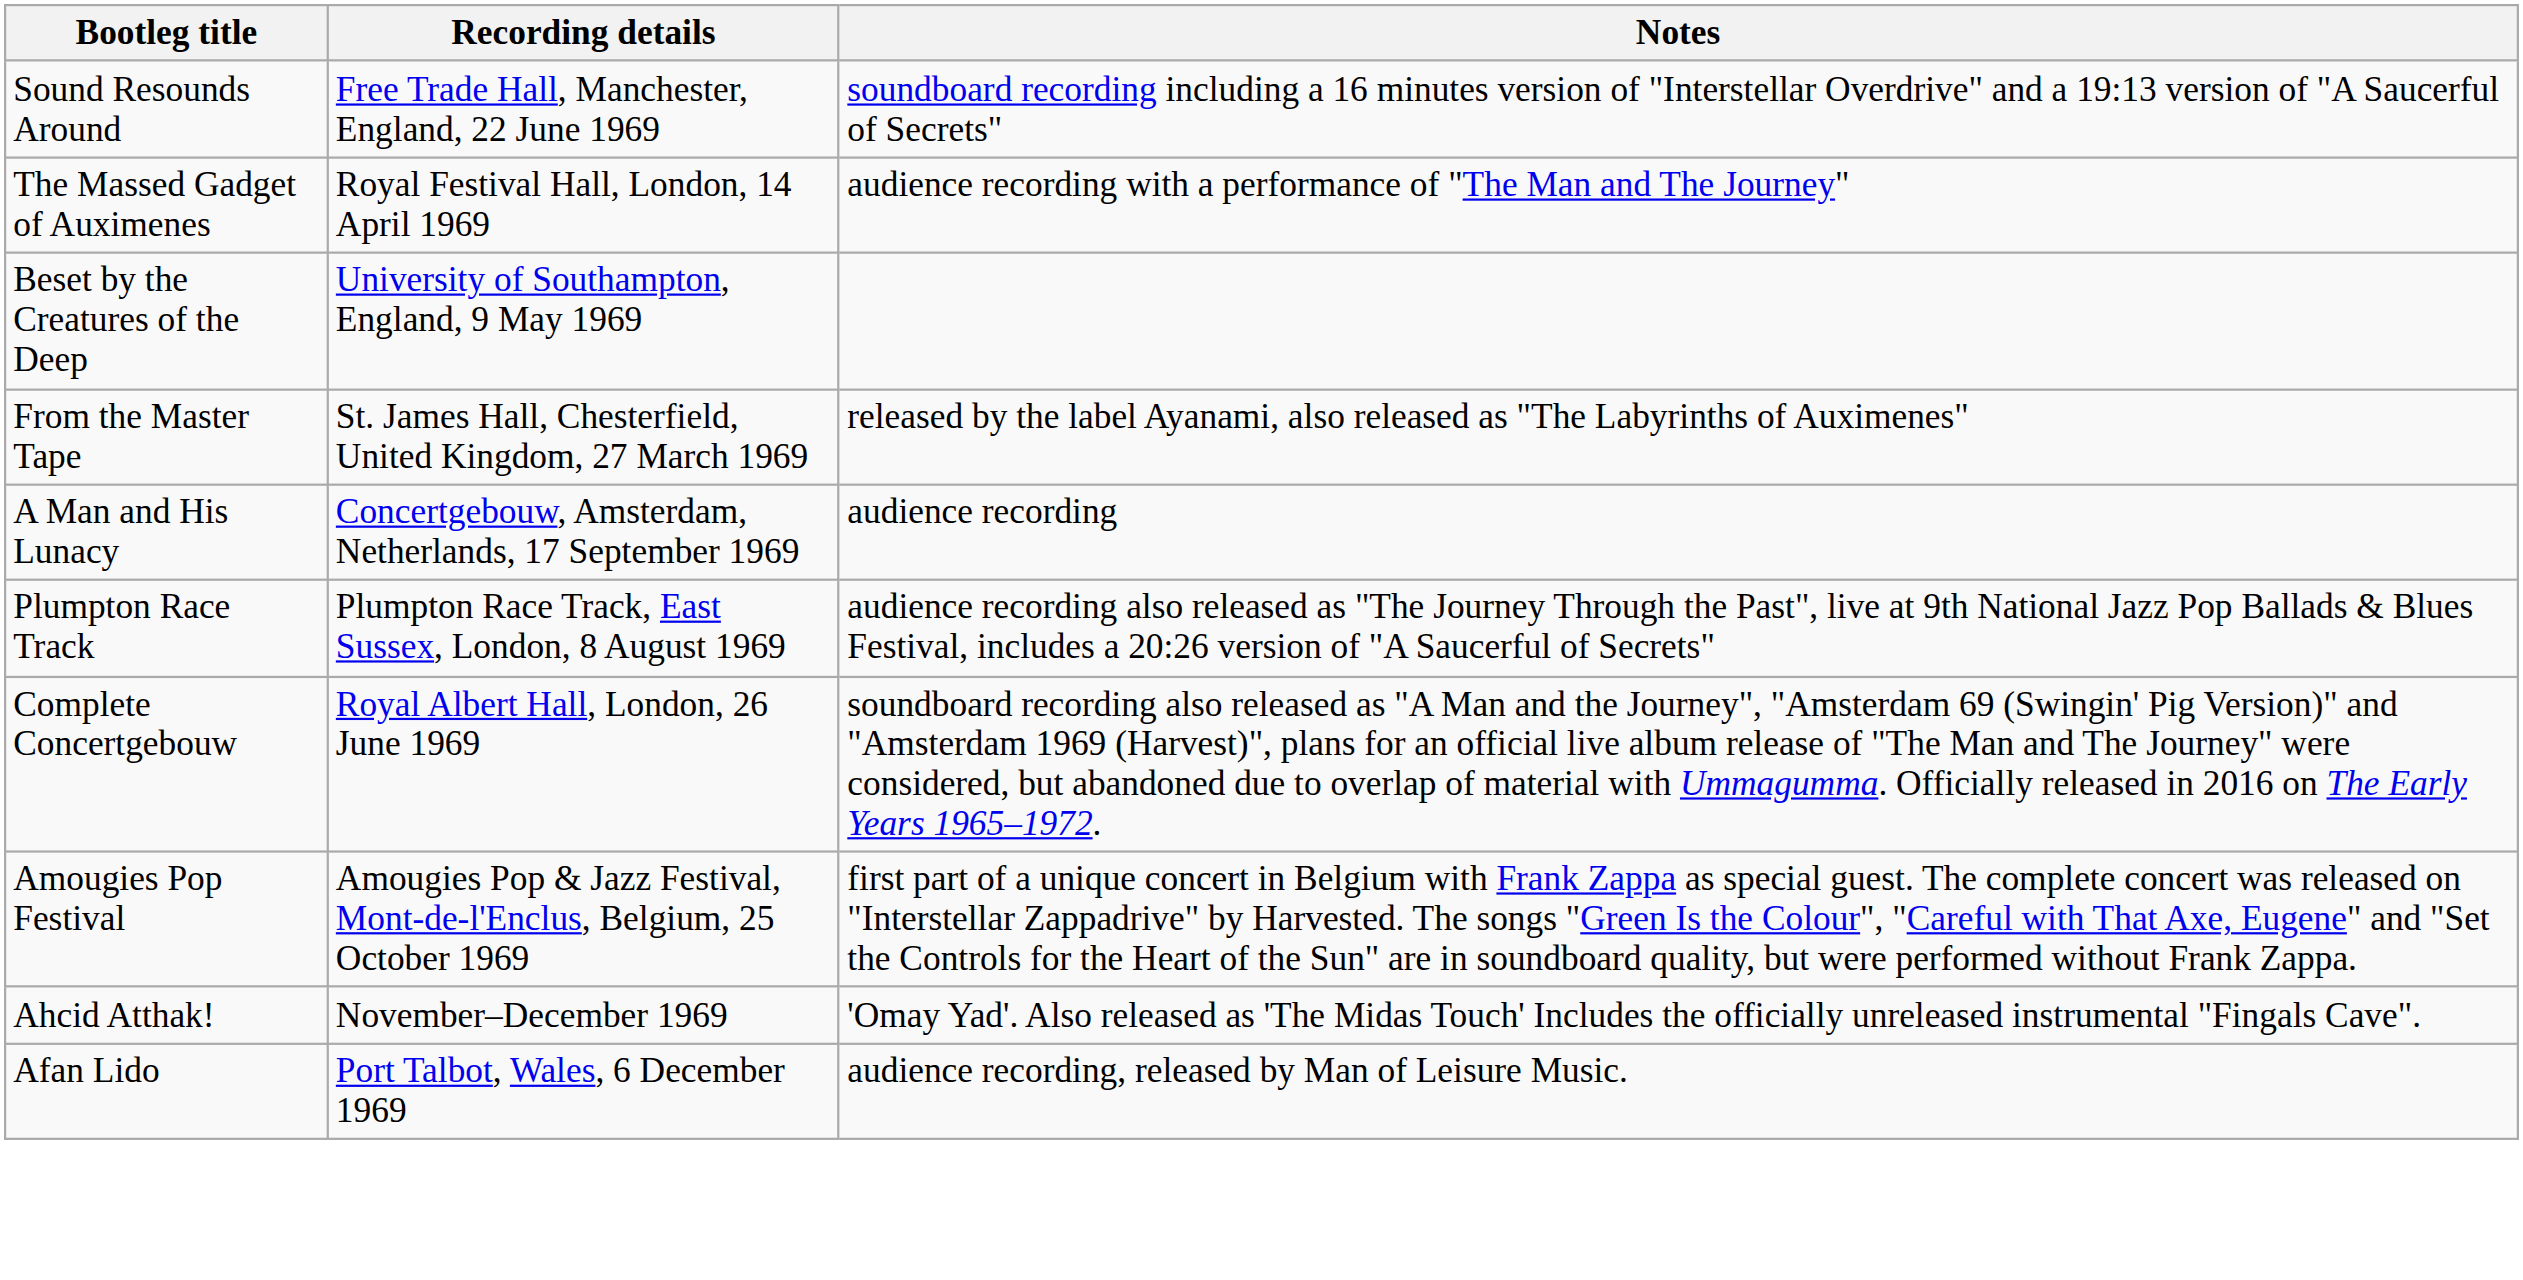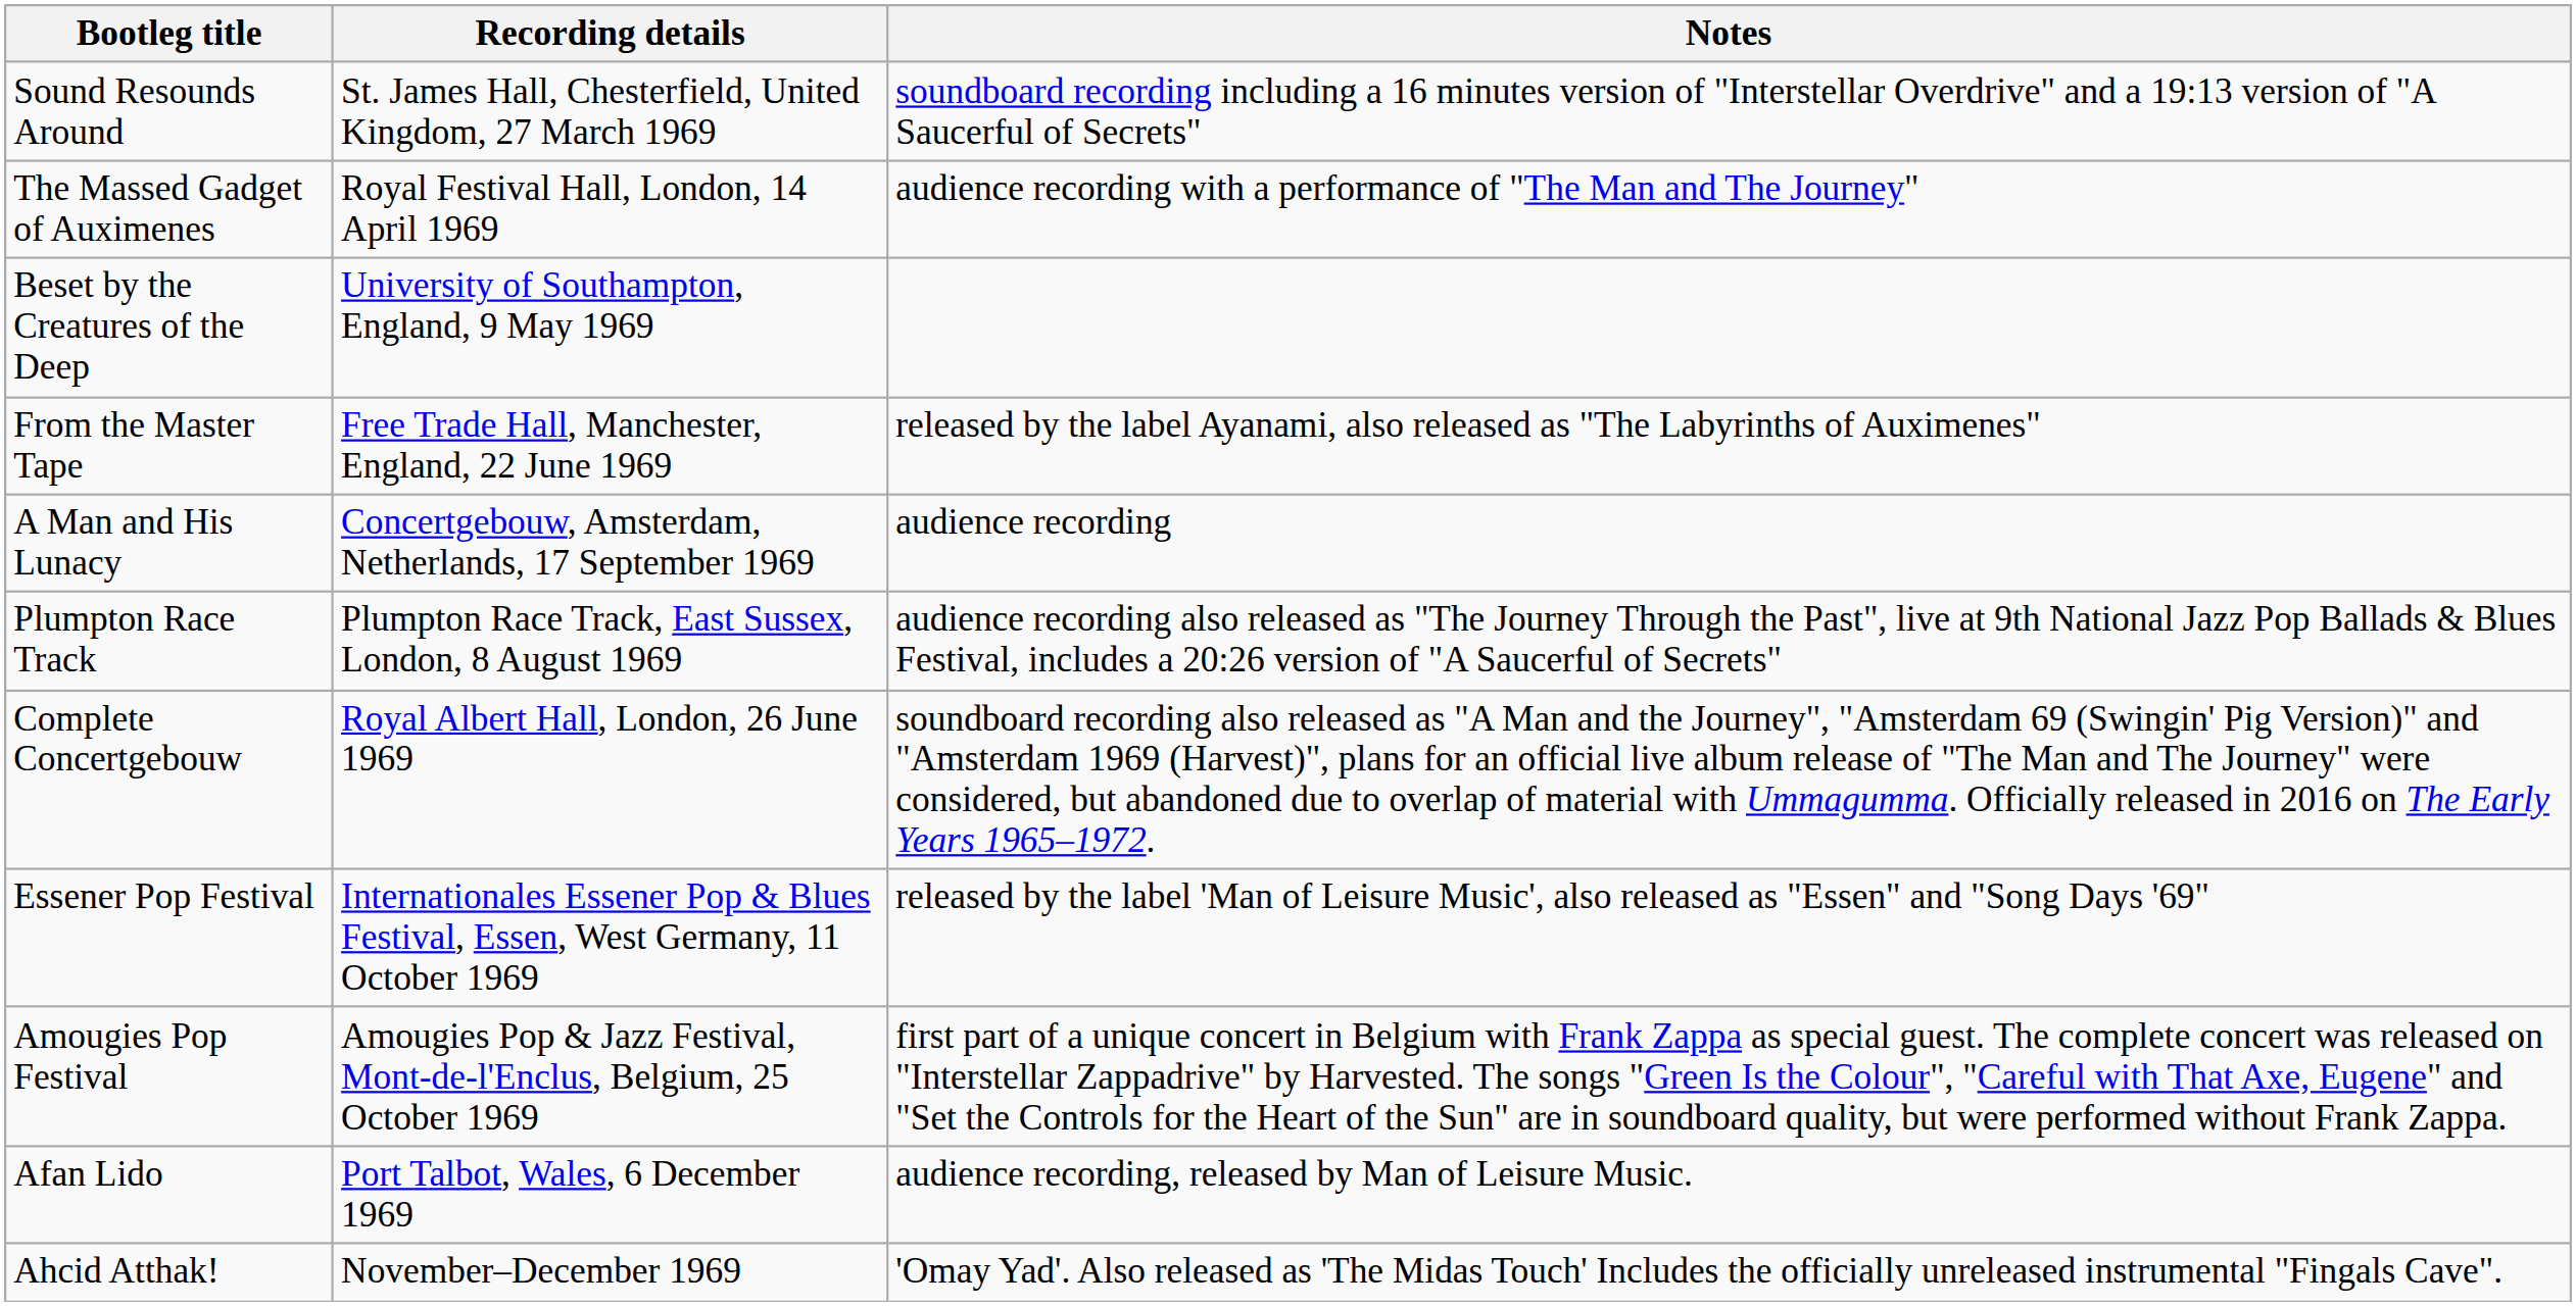 <table class="wikitable" style="width:90%; padding:5px; align:center;">
 <tr>
 <th>Bootleg title</th>
 <th>Recording details</th>
 <th>Notes</th>
 </tr>
 <tr>
 <td valign="top">Sound Resounds Around</td>
-<td valign="top"><a href='#'>Free Trade Hall</a>, Manchester, England, 22 June 1969</td>
+<td valign="top">St. James Hall, Chesterfield, United Kingdom, 27 March 1969</td>
 <td valign="top"><a href='#'>soundboard recording</a> including a 16 minutes version of "Interstellar Overdrive" and a 19:13 version of "A Saucerful of Secrets"</td>
 </tr>
 <tr>
 <td valign="top">The Massed Gadget of Auximenes</td>
 <td valign="top">Royal Festival Hall, London, 14 April 1969</td>
 <td valign="top">audience recording with a performance of "<a href='#'>The Man and The Journey</a>"</td>
 </tr>
 <tr>
 <td valign="top">Beset by the Creatures of the Deep</td>
 <td valign="top"><a href='#'>University of Southampton</a>, England, 9 May 1969</td>
 <td valign="top"></td>
 </tr>
 <tr>
 <td valign="top">From the Master Tape</td>
-<td valign="top">St. James Hall, Chesterfield, United Kingdom, 27 March 1969</td>
+<td valign="top"><a href='#'>Free Trade Hall</a>, Manchester, England, 22 June 1969</td>
 <td valign="top">released by the label Ayanami, also released as "The Labyrinths of Auximenes"</td>
 </tr>
 <tr>
 <td valign="top">A Man and His Lunacy</td>
 <td valign="top"><a href='#'>Concertgebouw</a>, Amsterdam, Netherlands, 17 September 1969</td>
 <td valign="top">audience recording</td>
 </tr>
 <tr>
 <td valign="top">Plumpton Race Track</td>
 <td valign="top">Plumpton Race Track, <a href='#'>East Sussex</a>, London, 8 August 1969</td>
 <td valign="top">audience recording also released as "The Journey Through the Past", live at 9th National Jazz Pop Ballads & Blues Festival, includes a 20:26 version of "A Saucerful of Secrets"</td>
 </tr>
 <tr>
 <td valign="top">Complete Concertgebouw</td>
 <td valign="top"><a href='#'>Royal Albert Hall</a>, London, 26 June 1969</td>
 <td valign="top">soundboard recording also released as "A Man and the Journey", "Amsterdam 69 (Swingin' Pig Version)" and "Amsterdam 1969 (Harvest)", plans for an official live album release of "The Man and The Journey" were considered, but abandoned due to overlap of material with <em><a href='#'>Ummagumma</a></em>. Officially released in 2016 on <em><a href='#'>The Early Years 1965–1972</a></em>.</td>
 </tr>
 <tr>
+<td valign="top">Essener Pop Festival</td>
+<td valign="top"><a href='#'>Internationales Essener Pop & Blues Festival</a>, <a href='#'>Essen</a>, West Germany, 11 October 1969</td>
+<td valign="top">released by the label 'Man of Leisure Music', also released as "Essen" and "Song Days '69"</td>
+</tr>
+<tr>
 <td valign="top">Amougies Pop Festival</td>
 <td valign="top">Amougies Pop & Jazz Festival, <a href='#'>Mont-de-l'Enclus</a>, Belgium, 25 October 1969</td>
 <td valign="top">first part of a unique concert in Belgium with <a href='#'>Frank Zappa</a> as special guest. The complete concert was released on "Interstellar Zappadrive" by Harvested. The songs "<a href='#'>Green Is the Colour</a>", "<a href='#'>Careful with That Axe, Eugene</a>" and "Set the Controls for the Heart of the Sun" are in soundboard quality, but were performed without Frank Zappa.</td>
+</tr>
+<tr>
+<td valign="top">Afan Lido</td>
+<td valign="top"><a href='#'>Port Talbot</a>, <a href='#'>Wales</a>, 6 December 1969</td>
+<td valign="top">audience recording, released by Man of Leisure Music.</td>
 </tr>
 <tr>
 <td valign="top">Ahcid Atthak!</td>
 <td valign="top">November–December 1969</td>
 <td valign="top">'Omay Yad'. Also released as 'The Midas Touch' Includes the officially unreleased instrumental "Fingals Cave".</td>
 </tr>
-<tr>
-<td valign="top">Afan Lido</td>
-<td valign="top"><a href='#'>Port Talbot</a>, <a href='#'>Wales</a>, 6 December 1969</td>
-<td valign="top">audience recording, released by Man of Leisure Music.</td>
-</tr>
 </table>
